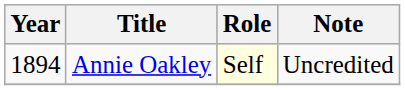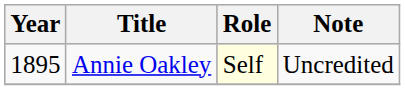 <table class="wikitable sortable">
 <tr>
 <th>Year</th>
 <th>Title</th>
 <th>Role</th>
 <th>Note</th>
 </tr>
 <tr>
-<td>1894</td>
+<td>1895</td>
 <td><a href='#'>Annie Oakley</a></td>
 <td style="background: lightyellow;">Self</td>
 <td>Uncredited</td>
 </tr>
 <tr>
 </tr>
 </table>
